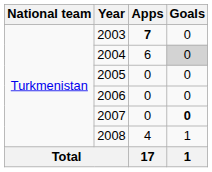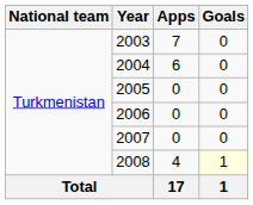 <table class="wikitable" style="text-align:center">
 <tr>
 <th>National team</th>
 <th>Year</th>
 <th>Apps</th>
 <th>Goals</th>
 </tr>
 <tr>
 <td rowspan="6"><a href='#'>Turkmenistan</a></td>
 <td>2003</td>
-<td><strong>7</strong></td>
+<td>7</td>
 <td>0</td>
 </tr>
 <tr>
 <td>2004</td>
 <td>6</td>
-<td style="background: lightgrey;">0</td>
+<td>0</td>
 </tr>
 <tr>
 <td>2005</td>
 <td>0</td>
 <td>0</td>
 </tr>
 <tr>
 <td>2006</td>
 <td>0</td>
 <td>0</td>
 </tr>
 <tr>
 <td>2007</td>
 <td>0</td>
-<td><strong>0</strong></td>
+<td>0</td>
 </tr>
 <tr>
 <td>2008</td>
 <td>4</td>
-<td>1</td>
+<td style="background: lightyellow;">1</td>
 </tr>
 <tr>
 <th colspan="2">Total</th>
 <th>17</th>
 <th>1</th>
 </tr>
 </table>
